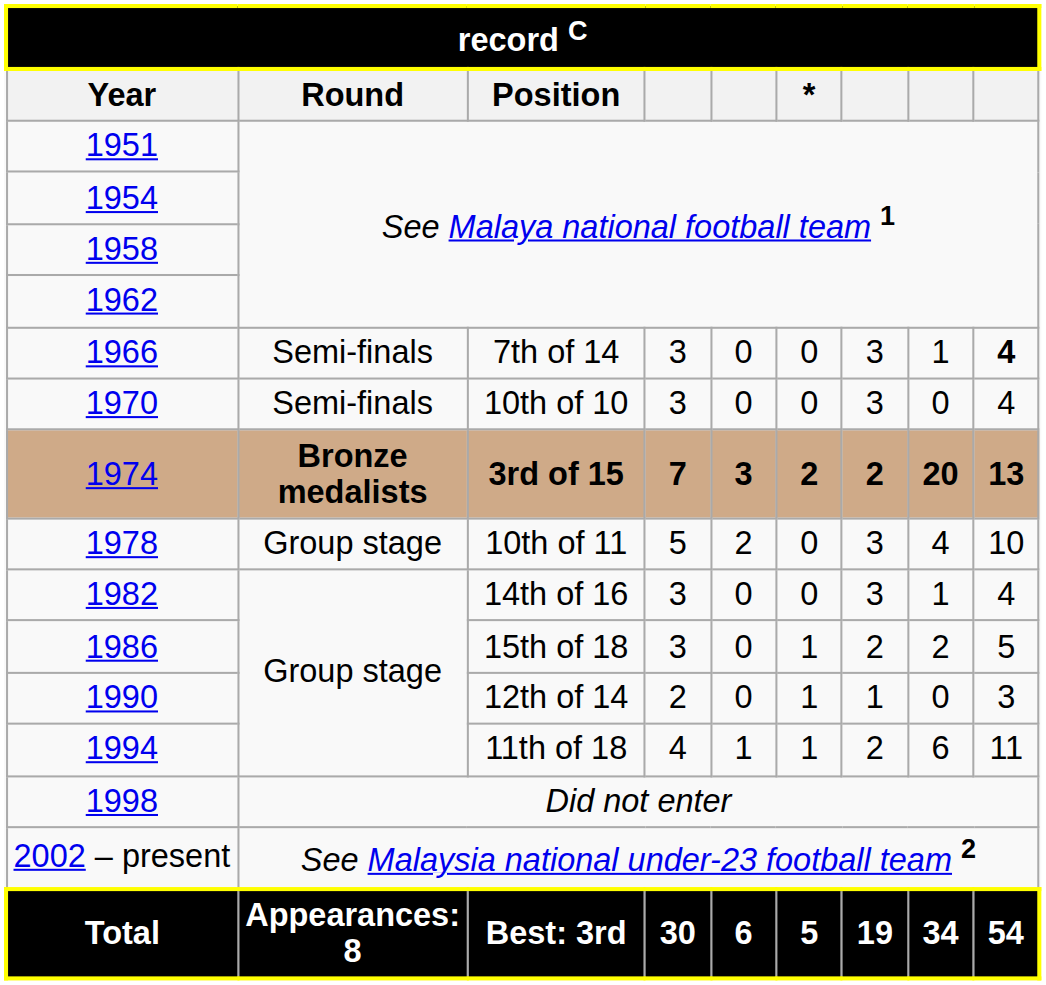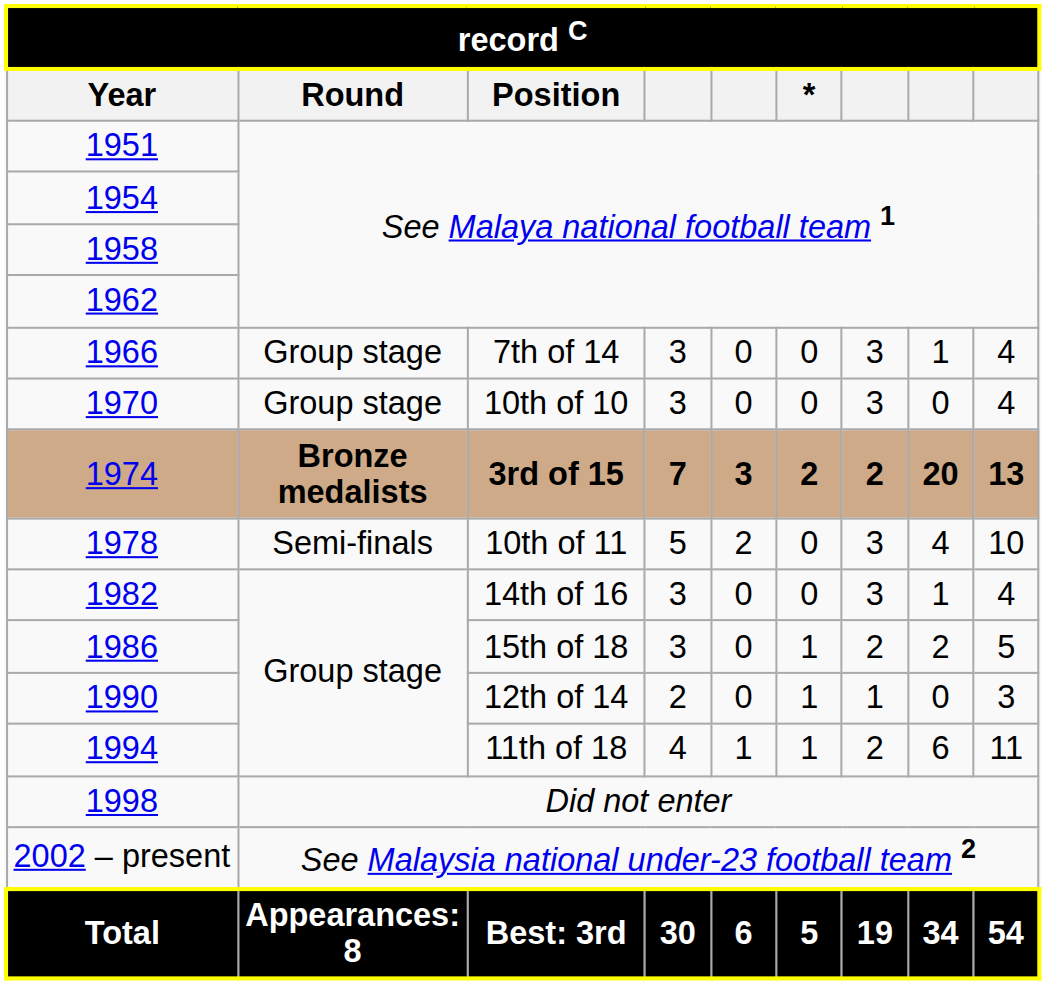 <table class="wikitable" style="text-align:center;font-size:100%;">
 <tr>
 <th colspan=10 style="background: #000000; color: #FFFFFF; border:2px solid #FFFF00;"><a href='#'></a> record <strong><sup>C</sup></strong></th>
 </tr>
 <tr>
 <th>Year</th>
 <th width=80>Round</th>
 <th width=80>Position</th>
 <th width=25></th>
 <th width=25></th>
 <th width=25>*</th>
 <th width=25></th>
 <th width=25></th>
 <th width=25></th>
 </tr>
 <tr>
 <td> <a href='#'>1951</a></td>
 <td rowspan="4" colspan="8"><em>See <a href='#'>Malaya national football team</a></em> <strong><sup>1</sup></strong></td>
 </tr>
 <tr>
 <td> <a href='#'>1954</a></td>
 </tr>
 <tr>
 <td> <a href='#'>1958</a></td>
 </tr>
 <tr>
 <td> <a href='#'>1962</a></td>
 </tr>
 <tr>
 <td> <a href='#'>1966</a></td>
-<td>Semi-finals</td>
+<td>Group stage</td>
 <td>7th of 14</td>
 <td>3</td>
 <td>0</td>
 <td>0</td>
 <td>3</td>
 <td>1</td>
-<td><strong>4</strong></td>
+<td>4</td>
 </tr>
 <tr>
 <td> <a href='#'>1970</a></td>
-<td>Semi-finals</td>
+<td>Group stage</td>
 <td>10th of 10</td>
 <td>3</td>
 <td>0</td>
 <td>0</td>
 <td>3</td>
 <td>0</td>
 <td>4</td>
 </tr>
 <tr style="background:#cfaa88;">
 <td> <a href='#'>1974</a></td>
 <td><strong>Bronze medalists</strong></td>
 <td><strong>3rd of 15</strong></td>
 <td><strong>7</strong></td>
 <td><strong>3</strong></td>
 <td><strong>2</strong></td>
 <td><strong>2</strong></td>
 <td><strong>20</strong></td>
 <td><strong>13</strong></td>
 </tr>
 <tr>
 <td> <a href='#'>1978</a></td>
-<td>Group stage</td>
+<td>Semi-finals</td>
 <td>10th of 11</td>
 <td>5</td>
 <td>2</td>
 <td>0</td>
 <td>3</td>
 <td>4</td>
 <td>10</td>
 </tr>
 <tr>
 <td> <a href='#'>1982</a></td>
 <td rowspan="4">Group stage</td>
 <td>14th of 16</td>
 <td>3</td>
 <td>0</td>
 <td>0</td>
 <td>3</td>
 <td>1</td>
 <td>4</td>
 </tr>
 <tr>
 <td> <a href='#'>1986</a></td>
 <td>15th of 18</td>
 <td>3</td>
 <td>0</td>
 <td>1</td>
 <td>2</td>
 <td>2</td>
 <td>5</td>
 </tr>
 <tr>
 <td> <a href='#'>1990</a></td>
 <td>12th of 14</td>
 <td>2</td>
 <td>0</td>
 <td>1</td>
 <td>1</td>
 <td>0</td>
 <td>3</td>
 </tr>
 <tr>
 <td> <a href='#'>1994</a></td>
 <td>11th of 18</td>
 <td>4</td>
 <td>1</td>
 <td>1</td>
 <td>2</td>
 <td>6</td>
 <td>11</td>
 </tr>
 <tr>
 <td> <a href='#'>1998</a></td>
 <td colspan="8"><em>Did not enter</em></td>
 </tr>
 <tr>
 <td> <a href='#'>2002</a> – present</td>
 <td colspan="8"><em>See <a href='#'>Malaysia national under-23 football team</a></em> <strong><sup>2</sup></strong></td>
 </tr>
 <tr style="background: #000000; color: #FFFFFF; border:2px solid #FFFF00;">
 <td><strong>Total</strong></td>
 <td><strong>Appearances: 8</strong></td>
 <td><strong>Best: 3rd</strong></td>
 <td><strong>30</strong></td>
 <td><strong>6</strong></td>
 <td><strong>5</strong></td>
 <td><strong>19</strong></td>
 <td><strong>34</strong></td>
 <td><strong>54</strong></td>
 </tr>
 </table>
